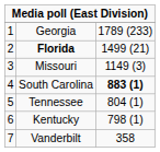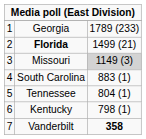 <table class="wikitable" style="display: inline-table;">
 <tr>
 <td align="center" Colspan="3"><strong>Media poll (East Division)</strong></td>
 </tr>
 <tr align="center">
 </tr>
 <tr align="center">
 <td>1</td>
 <td>Georgia</td>
 <td>1789 (233)</td>
 </tr>
 <tr align="center">
 <td>2</td>
 <td><strong>Florida</strong></td>
 <td>1499 (21)</td>
 </tr>
 <tr align="center">
 <td>3</td>
 <td>Missouri</td>
-<td>1149 (3)</td>
+<td style="background: lightgrey;">1149 (3)</td>
 </tr>
 <tr align="center">
 <td>4</td>
 <td>South Carolina</td>
-<td><strong>883 (1)</strong></td>
+<td>883 (1)</td>
 </tr>
 <tr align="center">
 <td>5</td>
 <td>Tennessee</td>
 <td>804 (1)</td>
 </tr>
 <tr align="center">
 <td>6</td>
 <td>Kentucky</td>
 <td>798 (1)</td>
 </tr>
 <tr align="center">
 <td>7</td>
 <td>Vanderbilt</td>
-<td>358</td>
+<td><strong>358</strong></td>
 </tr>
 </table>
